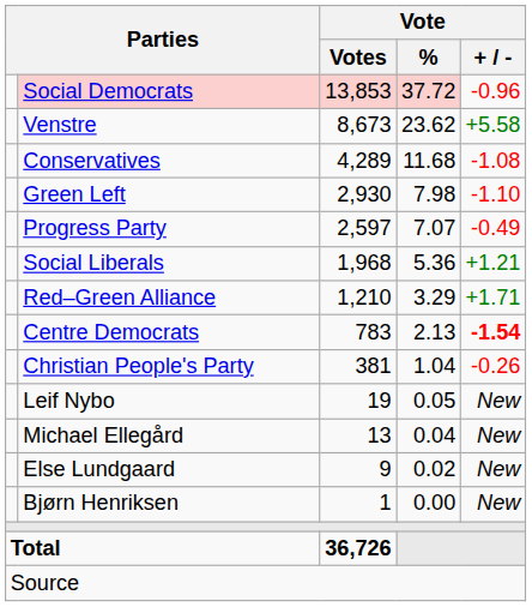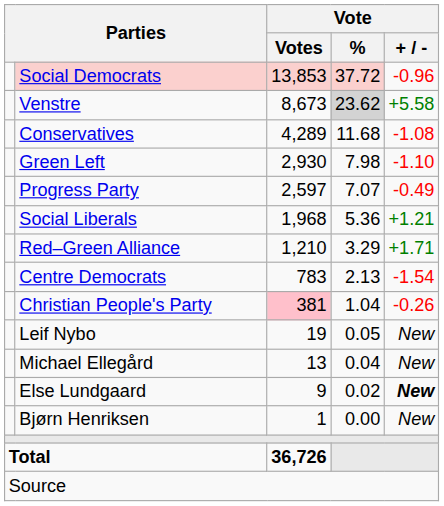 <table class="wikitable" style="text-align:right;">
 <tr>
 <th style="text-align:centre;" rowspan="2" colspan="2" width="225">Parties</th>
 <th colspan="3">Vote</th>
 </tr>
 <tr>
 <th width="15">Votes</th>
 <th width="15">%</th>
 <th width="15">+ / -</th>
 </tr>
 <tr>
 <td width="2" style="color:inherit;background:"></td>
 <td bgcolor=#fbd0ce  align="left"><a href='#'>Social Democrats</a></td>
 <td bgcolor=#fbd0ce>13,853</td>
 <td bgcolor=#fbd0ce>37.72</td>
 <td style=color:red;>-0.96</td>
 </tr>
 <tr>
 <td width="2" style="color:inherit;background:"></td>
 <td align="left"><a href='#'>Venstre</a></td>
 <td>8,673</td>
-<td>23.62</td>
+<td style="background: lightgrey;">23.62</td>
 <td style=color:green;>+5.58</td>
 </tr>
 <tr>
 <td width="2" style="color:inherit;background:"></td>
 <td align="left"><a href='#'>Conservatives</a></td>
 <td>4,289</td>
 <td>11.68</td>
 <td style=color:red;>-1.08</td>
 </tr>
 <tr>
 <td width="2" style="color:inherit;background:"></td>
 <td align="left"><a href='#'>Green Left</a></td>
 <td>2,930</td>
 <td>7.98</td>
 <td style=color:red;>-1.10</td>
 </tr>
 <tr>
 <td width="2" style="color:inherit;background:"></td>
 <td align="left"><a href='#'>Progress Party</a></td>
 <td>2,597</td>
 <td>7.07</td>
 <td style=color:red;>-0.49</td>
 </tr>
 <tr>
 <td width="2" style="color:inherit;background:"></td>
 <td align="left"><a href='#'>Social Liberals</a></td>
 <td>1,968</td>
 <td>5.36</td>
 <td style=color:green;>+1.21</td>
 </tr>
 <tr>
 <td width="2" style="color:inherit;background:"></td>
 <td align="left"><a href='#'>Red–Green Alliance</a></td>
 <td>1,210</td>
 <td>3.29</td>
 <td style=color:green;>+1.71</td>
 </tr>
 <tr>
 <td width="2" style="color:inherit;background:"></td>
 <td align="left"><a href='#'>Centre Democrats</a></td>
 <td>783</td>
 <td>2.13</td>
-<td style=color:red;><strong>-1.54</strong></td>
+<td style=color:red;>-1.54</td>
 </tr>
 <tr>
 <td width="2" style="color:inherit;background:"></td>
 <td align="left"><a href='#'>Christian People's Party</a></td>
-<td>381</td>
+<td style="background: pink;">381</td>
 <td>1.04</td>
 <td style=color:red;>-0.26</td>
 </tr>
 <tr>
 <td width="2" style="color:inherit;background:"></td>
 <td align="left">Leif Nybo</td>
 <td>19</td>
 <td>0.05</td>
 <td><em>New</em></td>
 </tr>
 <tr>
 <td width="2" style="color:inherit;background:"></td>
 <td align="left">Michael Ellegård</td>
 <td>13</td>
 <td>0.04</td>
 <td><em>New</em></td>
 </tr>
 <tr>
 <td width="2" style="color:inherit;background:"></td>
 <td align="left">Else Lundgaard</td>
 <td>9</td>
 <td>0.02</td>
-<td><em>New</em></td>
+<td><strong><em>New</em></strong></td>
 </tr>
 <tr>
 <td width="2" style="color:inherit;background:"></td>
 <td align="left">Bjørn Henriksen</td>
 <td>1</td>
 <td>0.00</td>
 <td><em>New</em></td>
 </tr>
 <tr>
 <td colspan="7" bgcolor="#E9E9E9"></td>
 </tr>
 <tr>
 <td align="left" colspan="2"><strong>Total</strong></td>
 <td><strong>36,726</strong></td>
 <td bgcolor="#E9E9E9" colspan="2"></td>
 </tr>
 <tr>
 <td align="left" colspan="6">Source</td>
 </tr>
 </table>
